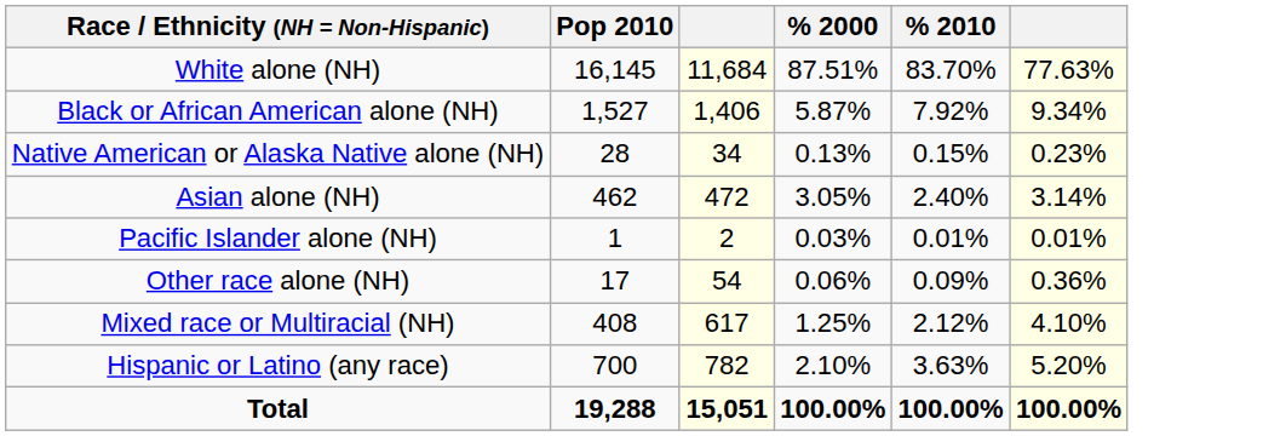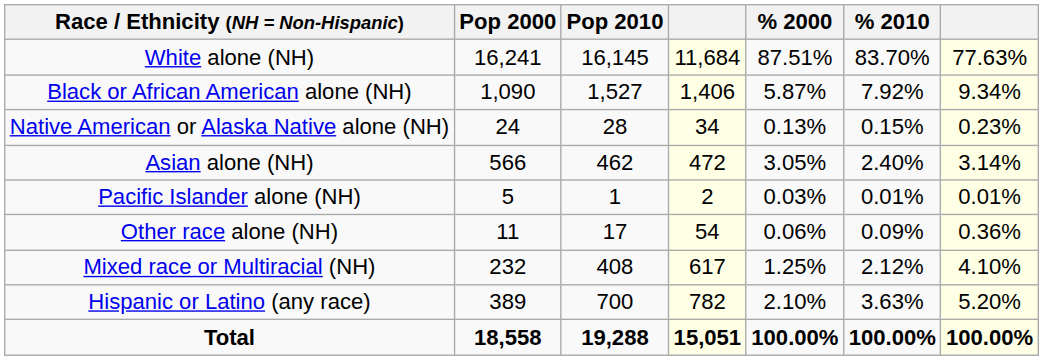 <table class="wikitable" style="text-align:center;">
 <tr>
 <th>Race / Ethnicity <small>(<em>NH = Non-Hispanic</em>)</small></th>
+<th>Pop 2000</th>
 <th>Pop 2010</th>
 <th></th>
 <th>% 2000</th>
 <th>% 2010</th>
 <th></th>
 </tr>
 <tr>
 <td><a href='#'>White</a> alone (NH)</td>
+<td>16,241</td>
 <td>16,145</td>
 <td style='background: #ffffe6;'>11,684</td>
 <td>87.51%</td>
 <td>83.70%</td>
 <td style='background: #ffffe6;'>77.63%</td>
 </tr>
 <tr>
 <td><a href='#'>Black or African American</a> alone (NH)</td>
+<td>1,090</td>
 <td>1,527</td>
 <td style='background: #ffffe6;'>1,406</td>
 <td>5.87%</td>
 <td>7.92%</td>
 <td style='background: #ffffe6;'>9.34%</td>
 </tr>
 <tr>
 <td><a href='#'>Native American</a> or <a href='#'>Alaska Native</a> alone (NH)</td>
+<td>24</td>
 <td>28</td>
 <td style='background: #ffffe6;'>34</td>
 <td>0.13%</td>
 <td>0.15%</td>
 <td style='background: #ffffe6;'>0.23%</td>
 </tr>
 <tr>
 <td><a href='#'>Asian</a> alone (NH)</td>
+<td>566</td>
 <td>462</td>
 <td style='background: #ffffe6;'>472</td>
 <td>3.05%</td>
 <td>2.40%</td>
 <td style='background: #ffffe6;'>3.14%</td>
 </tr>
 <tr>
 <td><a href='#'>Pacific Islander</a> alone (NH)</td>
+<td>5</td>
 <td>1</td>
 <td style='background: #ffffe6;'>2</td>
 <td>0.03%</td>
 <td>0.01%</td>
 <td style='background: #ffffe6;'>0.01%</td>
 </tr>
 <tr>
 <td><a href='#'>Other race</a> alone (NH)</td>
+<td>11</td>
 <td>17</td>
 <td style='background: #ffffe6;'>54</td>
 <td>0.06%</td>
 <td>0.09%</td>
 <td style='background: #ffffe6;'>0.36%</td>
 </tr>
 <tr>
 <td><a href='#'>Mixed race or Multiracial</a> (NH)</td>
+<td>232</td>
 <td>408</td>
 <td style='background: #ffffe6;'>617</td>
 <td>1.25%</td>
 <td>2.12%</td>
 <td style='background: #ffffe6;'>4.10%</td>
 </tr>
 <tr>
 <td><a href='#'>Hispanic or Latino</a> (any race)</td>
+<td>389</td>
 <td>700</td>
 <td style='background: #ffffe6;'>782</td>
 <td>2.10%</td>
 <td>3.63%</td>
 <td style='background: #ffffe6;'>5.20%</td>
 </tr>
 <tr>
 <td><strong>Total</strong></td>
+<td><strong>18,558</strong></td>
 <td><strong>19,288</strong></td>
 <td style='background: #ffffe6;'><strong>15,051</strong></td>
 <td><strong>100.00%</strong></td>
 <td><strong>100.00%</strong></td>
 <td style='background: #ffffe6;'><strong>100.00%</strong></td>
 </tr>
 </table>
